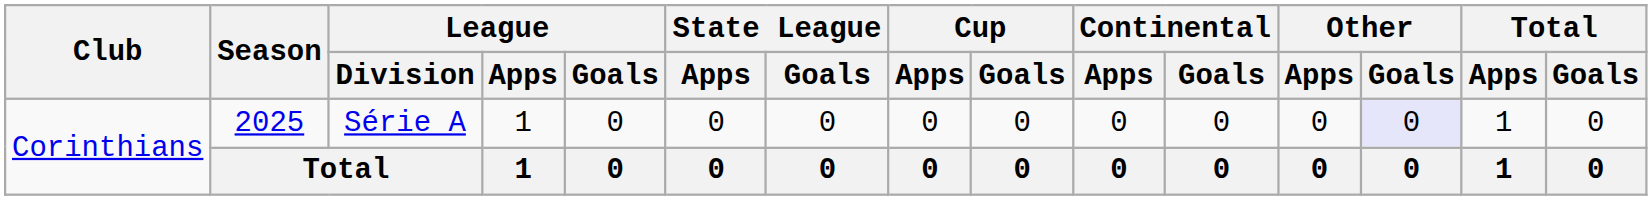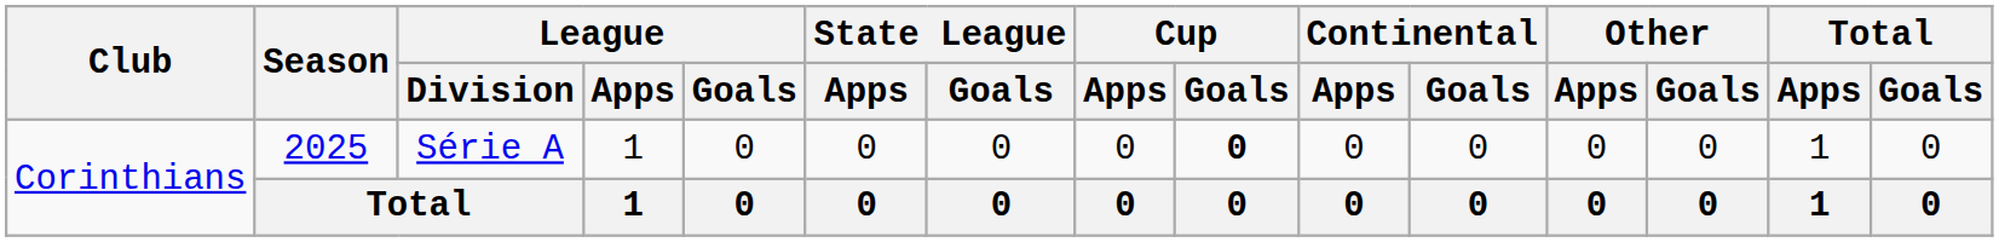 <table class="wikitable" style="text-align: center;">
 <tr>
 <th rowspan="2">Club</th>
 <th rowspan="2">Season</th>
 <th colspan="3">League</th>
 <th colspan="2">State League</th>
 <th colspan="2">Cup</th>
 <th colspan="2">Continental</th>
 <th colspan="2">Other</th>
 <th colspan="2">Total</th>
 </tr>
 <tr>
 <th>Division</th>
 <th>Apps</th>
 <th>Goals</th>
 <th>Apps</th>
 <th>Goals</th>
 <th>Apps</th>
 <th>Goals</th>
 <th>Apps</th>
 <th>Goals</th>
 <th>Apps</th>
 <th>Goals</th>
 <th>Apps</th>
 <th>Goals</th>
 </tr>
 <tr>
 <td rowspan="2" valign="center"><a href='#'>Corinthians</a></td>
 <td><a href='#'>2025</a></td>
 <td rowspan="1"><a href='#'>Série A</a></td>
 <td>1</td>
 <td>0</td>
 <td>0</td>
 <td>0</td>
 <td>0</td>
+<td><strong>0</strong></td>
 <td>0</td>
 <td>0</td>
 <td>0</td>
 <td>0</td>
-<td style="background: lavender;">0</td>
 <td>1</td>
 <td>0</td>
 </tr>
 <tr>
 <th colspan="2"><strong>Total</strong></th>
 <th>1</th>
 <th>0</th>
 <th>0</th>
 <th>0</th>
 <th>0</th>
 <th>0</th>
 <th>0</th>
 <th>0</th>
 <th>0</th>
 <th>0</th>
 <th>1</th>
 <th>0</th>
 </tr>
 </table>
